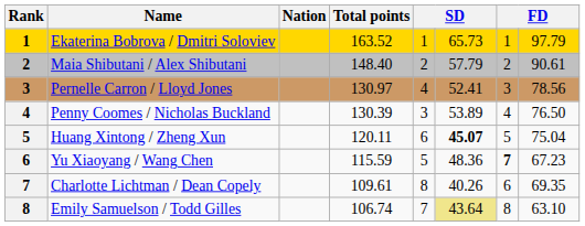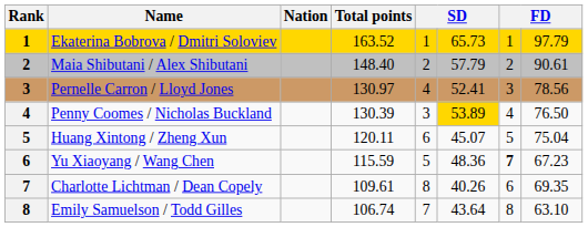 <table class="wikitable sortable">
 <tr>
 <th>Rank</th>
 <th>Name</th>
 <th>Nation</th>
 <th>Total points</th>
 <th colspan="2" width="80px"><a href='#'>SD</a></th>
 <th colspan="2" width="80px"><a href='#'>FD</a></th>
 </tr>
 <tr bgcolor="gold">
 <td align="center"><strong>1</strong></td>
 <td><a href='#'>Ekaterina Bobrova</a> / <a href='#'>Dmitri Soloviev</a></td>
 <td></td>
 <td align="center">163.52</td>
 <td align="center">1</td>
 <td align="center">65.73</td>
 <td align="center">1</td>
 <td align="center">97.79</td>
 </tr>
 <tr bgcolor="silver">
 <td align="center"><strong>2</strong></td>
 <td><a href='#'>Maia Shibutani</a> / <a href='#'>Alex Shibutani</a></td>
 <td></td>
 <td align="center">148.40</td>
 <td align="center">2</td>
 <td align="center">57.79</td>
 <td align="center">2</td>
 <td align="center">90.61</td>
 </tr>
 <tr bgcolor="cc9966">
 <td align="center"><strong>3</strong></td>
 <td><a href='#'>Pernelle Carron</a> / <a href='#'>Lloyd Jones</a></td>
 <td></td>
 <td align="center">130.97</td>
 <td align="center">4</td>
 <td align="center">52.41</td>
 <td align="center">3</td>
 <td align="center">78.56</td>
 </tr>
 <tr>
 <th>4</th>
 <td><a href='#'>Penny Coomes</a> / <a href='#'>Nicholas Buckland</a></td>
 <td></td>
 <td align="center">130.39</td>
 <td align="center">3</td>
-<td align="center">53.89</td>
+<td align="center" style="background: gold;">53.89</td>
 <td align="center">4</td>
 <td align="center">76.50</td>
 </tr>
 <tr>
 <th>5</th>
 <td><a href='#'>Huang Xintong</a> / <a href='#'>Zheng Xun</a></td>
 <td></td>
 <td align="center">120.11</td>
 <td align="center">6</td>
-<td align="center"><strong>45.07</strong></td>
+<td align="center">45.07</td>
 <td align="center">5</td>
 <td align="center">75.04</td>
 </tr>
 <tr>
 <th>6</th>
 <td><a href='#'>Yu Xiaoyang</a> / <a href='#'>Wang Chen</a></td>
 <td></td>
 <td align="center">115.59</td>
 <td align="center">5</td>
 <td align="center">48.36</td>
 <td align="center"><strong>7</strong></td>
 <td align="center">67.23</td>
 </tr>
 <tr>
 <th>7</th>
 <td><a href='#'>Charlotte Lichtman</a> / <a href='#'>Dean Copely</a></td>
 <td></td>
 <td align="center">109.61</td>
 <td align="center">8</td>
 <td align="center">40.26</td>
 <td align="center">6</td>
 <td align="center">69.35</td>
 </tr>
 <tr>
 <th>8</th>
 <td><a href='#'>Emily Samuelson</a> / <a href='#'>Todd Gilles</a></td>
 <td></td>
 <td align="center">106.74</td>
 <td align="center">7</td>
-<td align="center" style="background: khaki;">43.64</td>
+<td align="center">43.64</td>
 <td align="center">8</td>
 <td align="center">63.10</td>
 </tr>
 </table>
